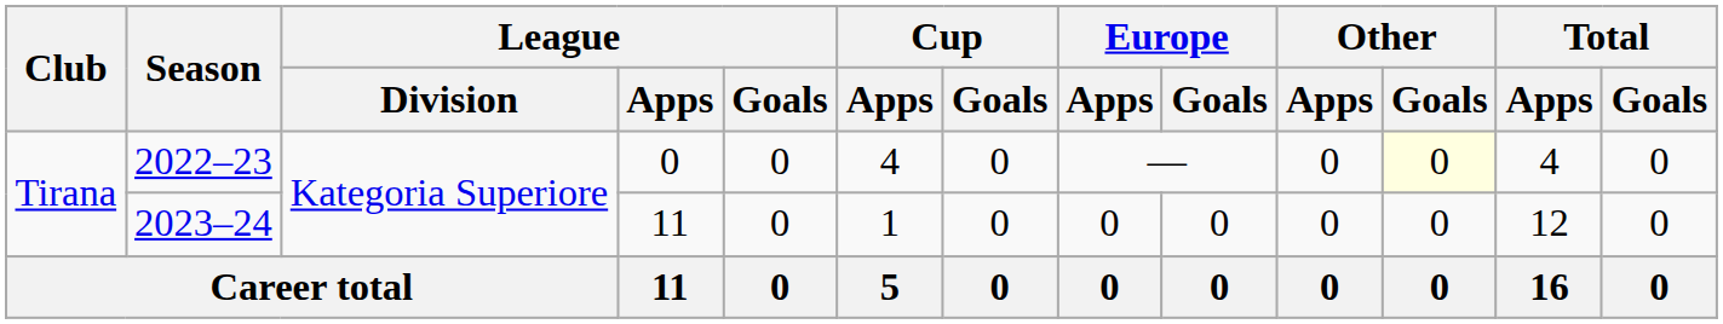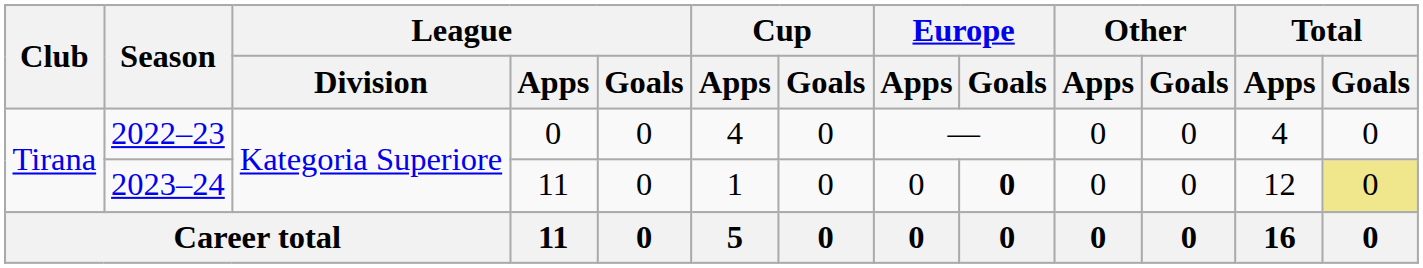 <table class="wikitable" style="text-align:center">
 <tr>
 <th rowspan="2">Club</th>
 <th rowspan="2">Season</th>
 <th colspan="3">League</th>
 <th colspan="2">Cup</th>
 <th colspan="2"><a href='#'>Europe</a></th>
 <th colspan="2">Other</th>
 <th colspan="2">Total</th>
 </tr>
 <tr>
 <th>Division</th>
 <th>Apps</th>
 <th>Goals</th>
 <th>Apps</th>
 <th>Goals</th>
 <th>Apps</th>
 <th>Goals</th>
 <th>Apps</th>
 <th>Goals</th>
 <th>Apps</th>
 <th>Goals</th>
 </tr>
 <tr>
 <td rowspan="2" valign="center"><a href='#'>Tirana</a></td>
 <td><a href='#'>2022–23</a></td>
 <td rowspan="2"><a href='#'>Kategoria Superiore</a></td>
 <td>0</td>
 <td>0</td>
 <td>4</td>
 <td>0</td>
 <td colspan="2">—</td>
 <td>0</td>
-<td style="background: lightyellow;">0</td>
+<td>0</td>
 <td>4</td>
 <td>0</td>
 </tr>
 <tr>
 <td><a href='#'>2023–24</a></td>
 <td>11</td>
 <td>0</td>
 <td>1</td>
 <td>0</td>
 <td>0</td>
-<td>0</td>
+<td><strong>0</strong></td>
 <td>0</td>
 <td>0</td>
 <td>12</td>
-<td>0</td>
+<td style="background: khaki;">0</td>
 </tr>
 <tr>
 <th colspan="3">Career total</th>
 <th>11</th>
 <th>0</th>
 <th>5</th>
 <th>0</th>
 <th>0</th>
 <th>0</th>
 <th>0</th>
 <th>0</th>
 <th>16</th>
 <th>0</th>
 </tr>
 </table>
